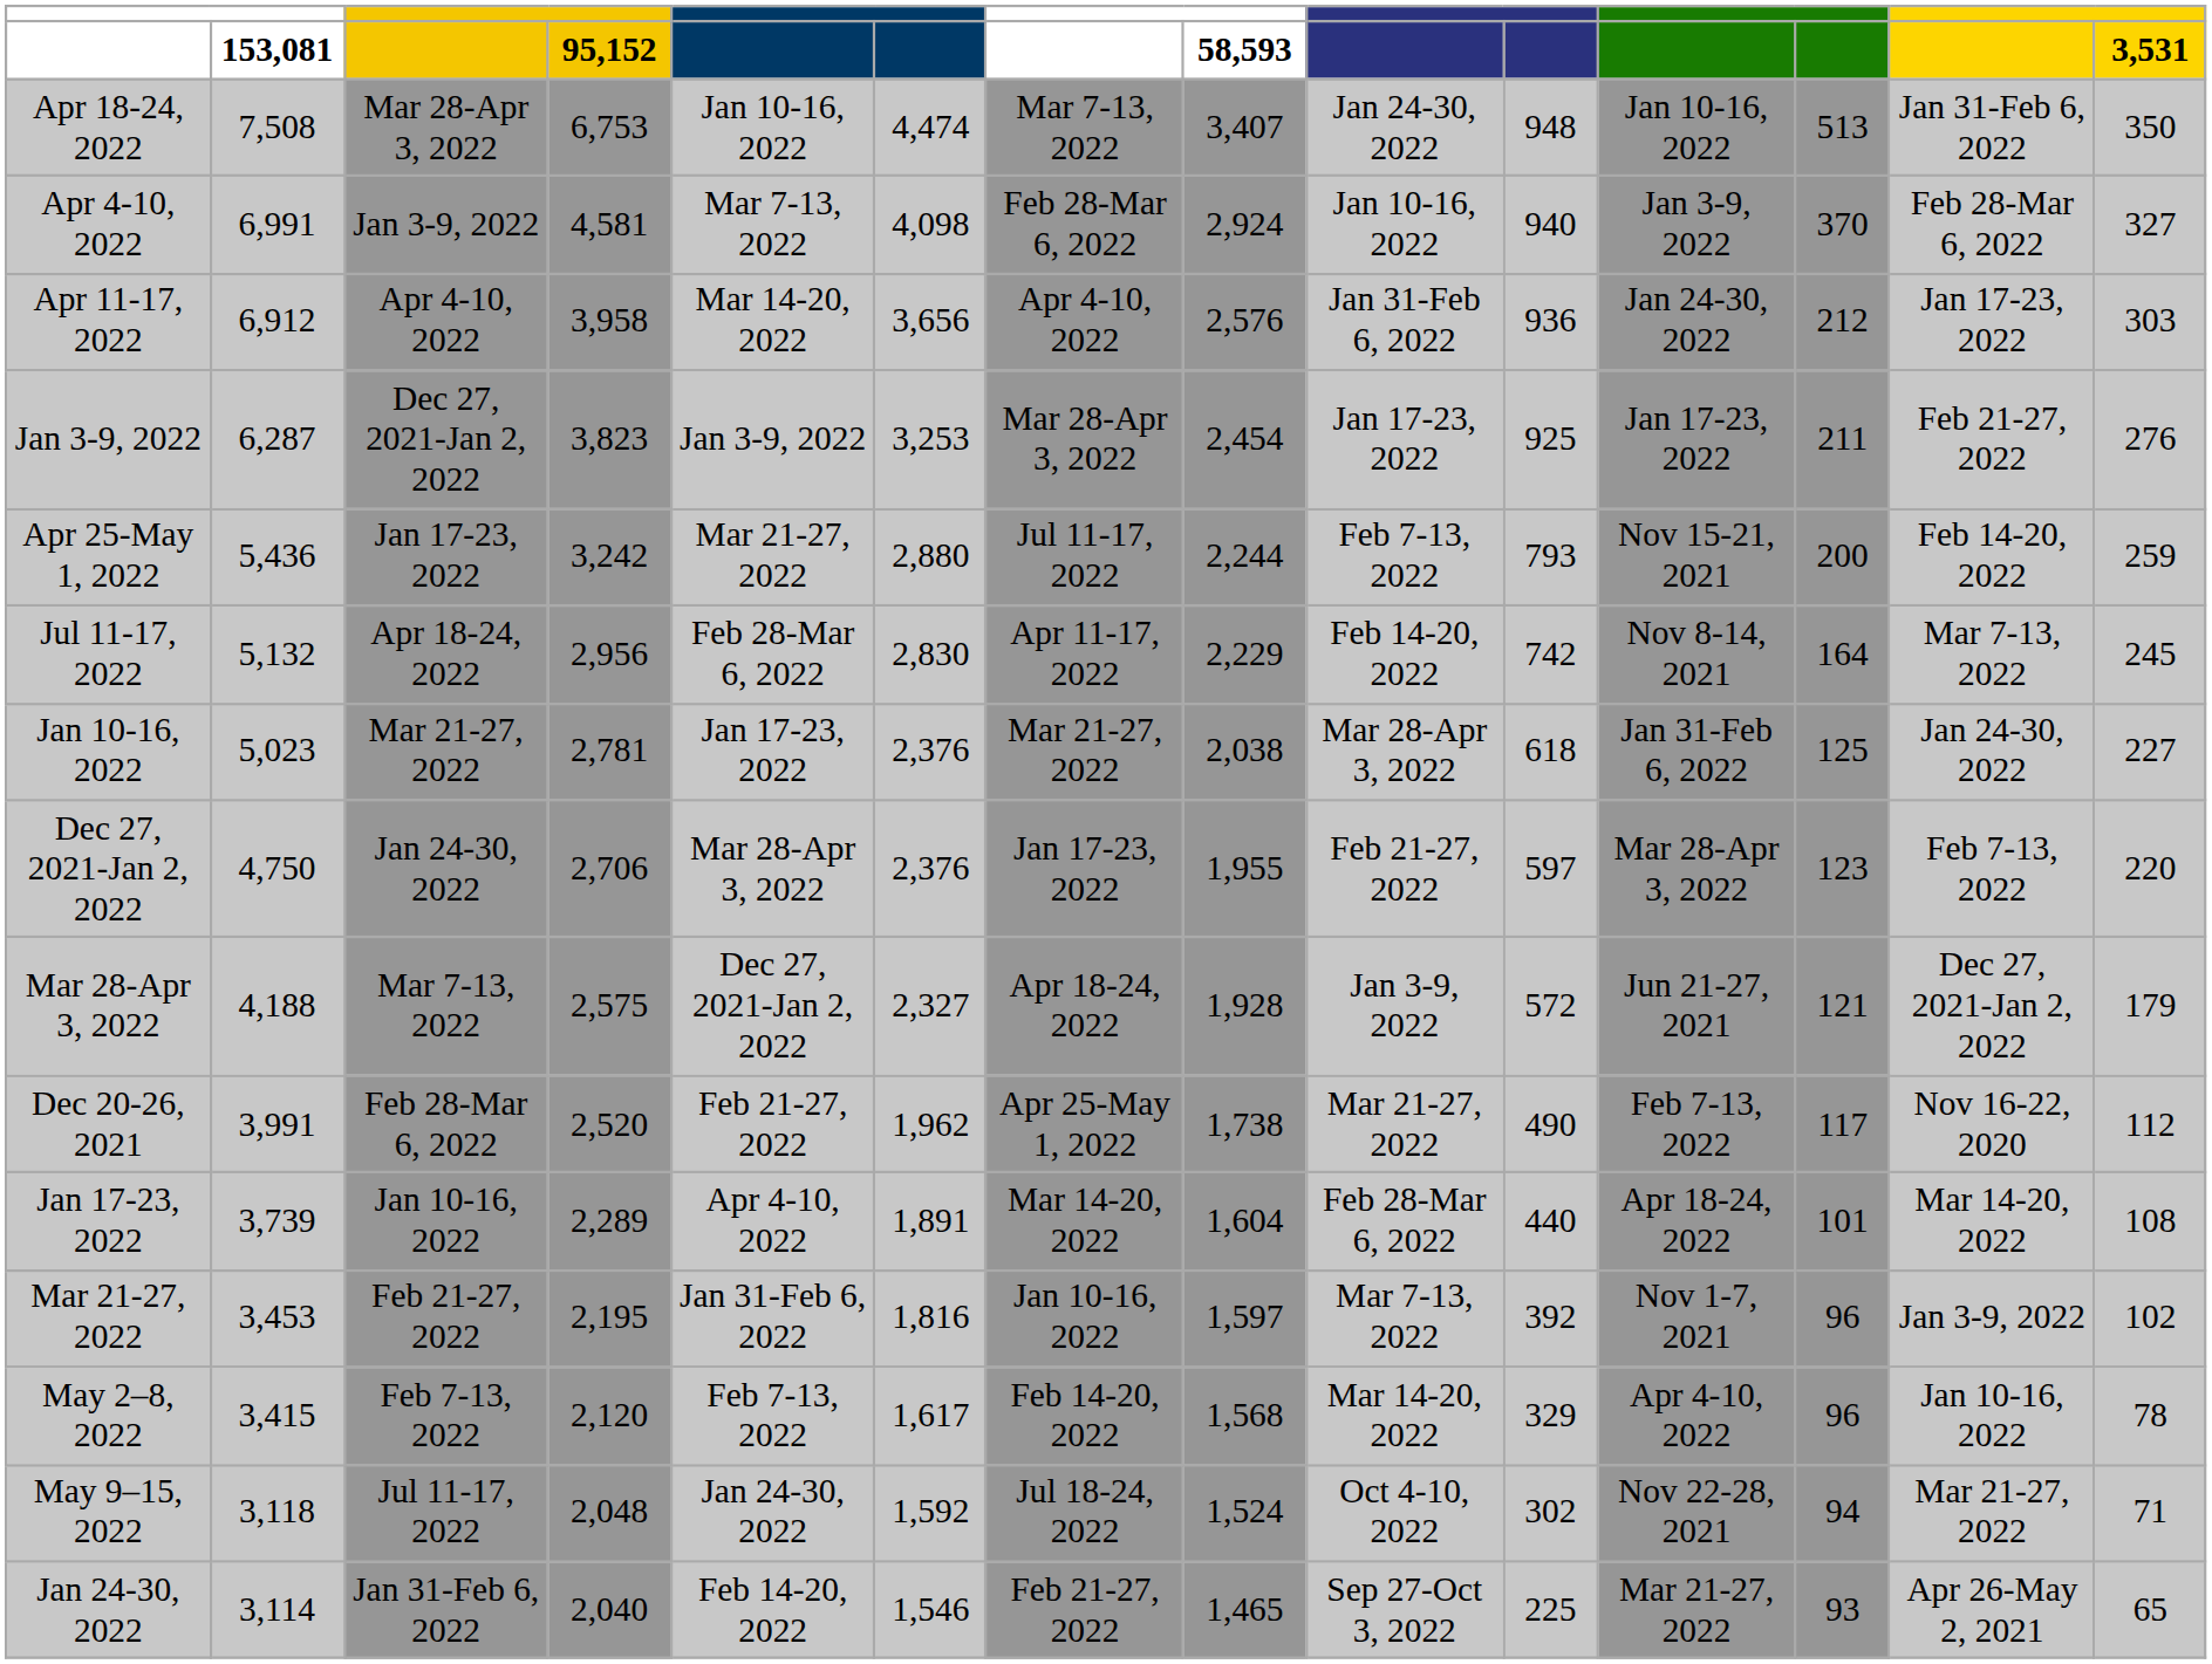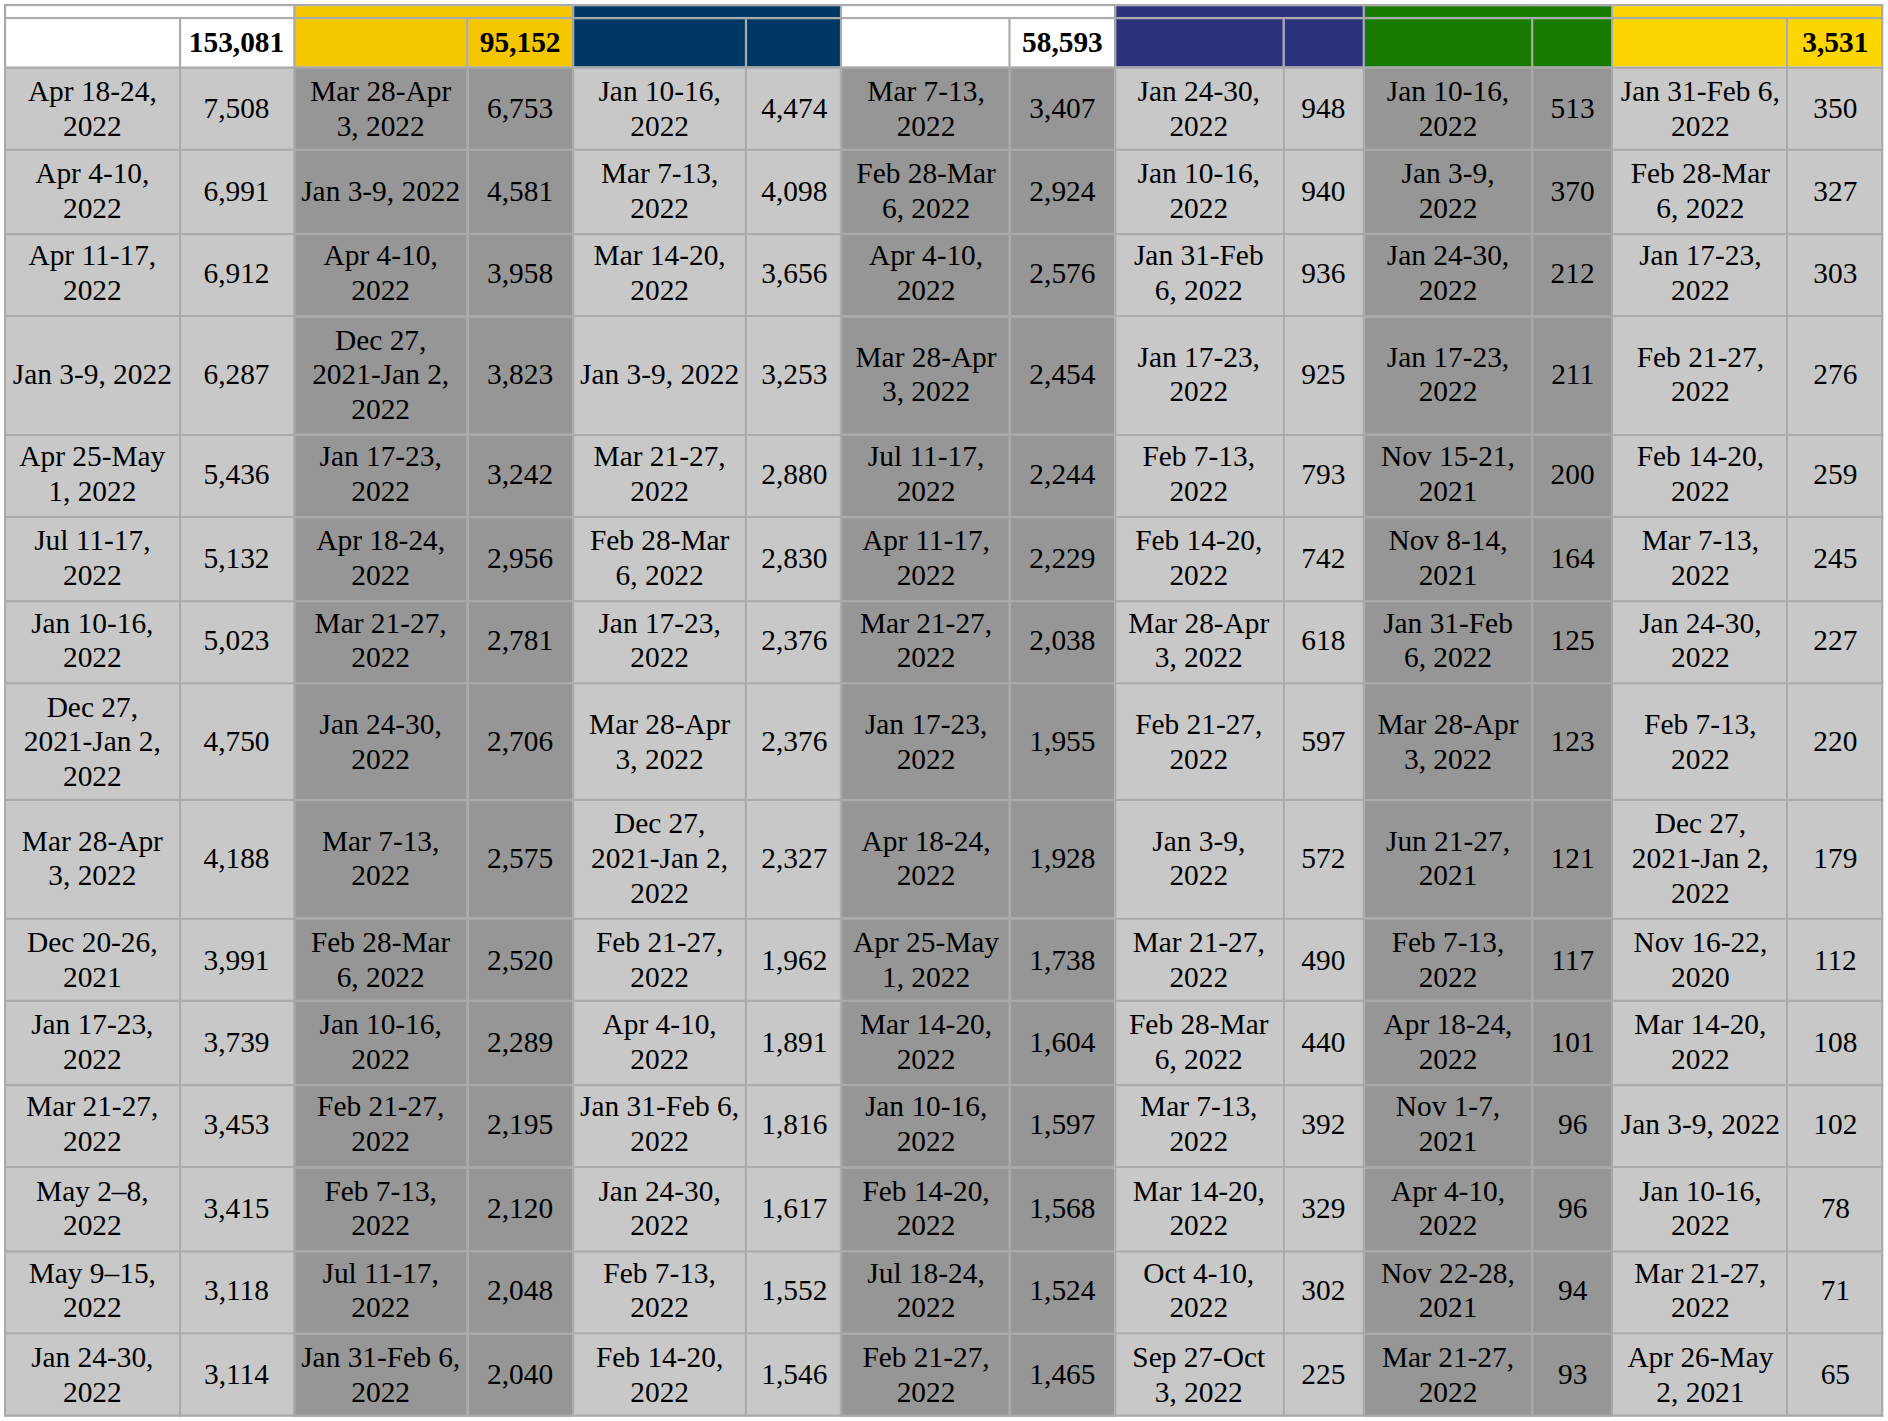 <table class="wikitable" style="text-align:center; text:#FFFFFF; font-size:85%">
 <tr>
 <th colspan=2 style="background:#FFFFFF"></th>
 <th colspan=2 style="background:#F4C600"></th>
 <th colspan="2" style="background:#003865"></th>
 <th colspan=2 style="background:#FFFFFF"></th>
 <th colspan="2" style="background:#2A317D"></th>
 <th colspan="2" style="background:#187B01"></th>
 <th colspan="2" style="background:#FDD500"></th>
 </tr>
 <tr>
 <th style="background:#FFFFFF"></th>
 <th style="background:#FFFFFF">153,081</th>
 <th style="background:#F4C600"></th>
 <th style="background:#F4C600">95,152</th>
 <th style="background:#003865"></th>
 <th style="background:#003865"></th>
 <th style="background:#FFFFFF"></th>
 <th style="background:#FFFFFF">58,593</th>
 <th style="background:#2A317D"></th>
 <th style="background:#2A317D"></th>
 <th style="background:#187B01"></th>
 <th style="background:#187B01"></th>
 <th style="background:#FDD500"></th>
 <th style="background:#FDD500">3,531</th>
 </tr>
 <tr>
 <td style="background:#C8C8C8" width="150">Apr 18-24, 2022</td>
 <td style="background:#C8C8C8" width="50">7,508</td>
 <td style="background:#969696" width="150">Mar 28-Apr 3, 2022</td>
 <td style="background:#969696" width="50">6,753</td>
 <td style="background:#C8C8C8" width="150">Jan 10-16, 2022</td>
 <td style="background:#C8C8C8" width="50">4,474</td>
 <td style="background:#969696" width="150">Mar 7-13, 2022</td>
 <td style="background:#969696" width="50">3,407</td>
 <td style="background:#C8C8C8" width="150">Jan 24-30, 2022</td>
 <td style="background:#C8C8C8" width="50">948</td>
 <td style="background:#969696" width="150">Jan 10-16, 2022</td>
 <td style="background:#969696" width="50">513</td>
 <td style="background:#C8C8C8" width="150">Jan 31-Feb 6, 2022</td>
 <td style="background:#C8C8C8" width="50">350</td>
 </tr>
 <tr>
 <td style="background:#C8C8C8" width="150">Apr 4-10, 2022</td>
 <td style="background:#C8C8C8" width="50">6,991</td>
 <td style="background:#969696" width="150">Jan 3-9, 2022</td>
 <td style="background:#969696" width="50">4,581</td>
 <td style="background:#C8C8C8" width="150">Mar 7-13, 2022</td>
 <td style="background:#C8C8C8" width="50">4,098</td>
 <td style="background:#969696" width="150">Feb 28-Mar 6, 2022</td>
 <td style="background:#969696" width="50">2,924</td>
 <td style="background:#C8C8C8" width="150">Jan 10-16, 2022</td>
 <td style="background:#C8C8C8" width="50">940</td>
 <td style="background:#969696" width="150">Jan 3-9, 2022</td>
 <td style="background:#969696" width="50">370</td>
 <td style="background:#C8C8C8" width="150">Feb 28-Mar 6, 2022</td>
 <td style="background:#C8C8C8" width="50">327</td>
 </tr>
 <tr>
 <td style="background:#C8C8C8" width="150">Apr 11-17, 2022</td>
 <td style="background:#C8C8C8" width="50">6,912</td>
 <td style="background:#969696" width="150">Apr 4-10, 2022</td>
 <td style="background:#969696" width="50">3,958</td>
 <td style="background:#C8C8C8" width="150">Mar 14-20, 2022</td>
 <td style="background:#C8C8C8" width="50">3,656</td>
 <td style="background:#969696" width="150">Apr 4-10, 2022</td>
 <td style="background:#969696" width="50">2,576</td>
 <td style="background:#C8C8C8" width="150">Jan 31-Feb 6, 2022</td>
 <td style="background:#C8C8C8" width="50">936</td>
 <td style="background:#969696" width="150">Jan 24-30, 2022</td>
 <td style="background:#969696" width="50">212</td>
 <td style="background:#C8C8C8" width="150">Jan 17-23, 2022</td>
 <td style="background:#C8C8C8" width="50">303</td>
 </tr>
 <tr>
 <td style="background:#C8C8C8" width="150">Jan 3-9, 2022</td>
 <td style="background:#C8C8C8" width="50">6,287</td>
 <td style="background:#969696" width="150">Dec 27, 2021-Jan 2, 2022</td>
 <td style="background:#969696" width="50">3,823</td>
 <td style="background:#C8C8C8" width="150">Jan 3-9, 2022</td>
 <td style="background:#C8C8C8" width="50">3,253</td>
 <td style="background:#969696" width="150">Mar 28-Apr 3, 2022</td>
 <td style="background:#969696" width="50">2,454</td>
 <td style="background:#C8C8C8" width="150">Jan 17-23, 2022</td>
 <td style="background:#C8C8C8" width="50">925</td>
 <td style="background:#969696" width="150">Jan 17-23, 2022</td>
 <td style="background:#969696" width="50">211</td>
 <td style="background:#C8C8C8" width="150">Feb 21-27, 2022</td>
 <td style="background:#C8C8C8" width="50">276</td>
 </tr>
 <tr>
 <td style="background:#C8C8C8" width="150">Apr 25-May 1, 2022</td>
 <td style="background:#C8C8C8" width="50">5,436</td>
 <td style="background:#969696" width="150">Jan 17-23, 2022</td>
 <td style="background:#969696" width="50">3,242</td>
 <td style="background:#C8C8C8" width="150">Mar 21-27, 2022</td>
 <td style="background:#C8C8C8" width="50">2,880</td>
 <td style="background:#969696" width="150">Jul 11-17, 2022</td>
 <td style="background:#969696" width="50">2,244</td>
 <td style="background:#C8C8C8" width="150">Feb 7-13, 2022</td>
 <td style="background:#C8C8C8" width="50">793</td>
 <td style="background:#969696" width="150">Nov 15-21, 2021</td>
 <td style="background:#969696" width="50">200</td>
 <td style="background:#C8C8C8" width="150">Feb 14-20, 2022</td>
 <td style="background:#C8C8C8" width="50">259</td>
 </tr>
 <tr>
 <td style="background:#C8C8C8" width="75">Jul 11-17, 2022</td>
 <td style="background:#C8C8C8" width="35">5,132</td>
 <td style="background:#969696" width="75">Apr 18-24, 2022</td>
 <td style="background:#969696" width="35">2,956</td>
 <td style="background:#C8C8C8" width="75">Feb 28-Mar 6, 2022</td>
 <td style="background:#C8C8C8" width="35">2,830</td>
 <td style="background:#969696" width="75">Apr 11-17, 2022</td>
 <td style="background:#969696" width="35">2,229</td>
 <td style="background:#C8C8C8" width="75">Feb 14-20, 2022</td>
 <td style="background:#C8C8C8" width="35">742</td>
 <td style="background:#969696" width="75">Nov 8-14, 2021</td>
 <td style="background:#969696" width="35">164</td>
 <td style="background:#C8C8C8" width="75">Mar 7-13, 2022</td>
 <td style="background:#C8C8C8" width="35">245</td>
 </tr>
 <tr>
 <td style="background:#C8C8C8" width="75">Jan 10-16, 2022</td>
 <td style="background:#C8C8C8" width="35">5,023</td>
 <td style="background:#969696" width="75">Mar 21-27, 2022</td>
 <td style="background:#969696" width="35">2,781</td>
 <td style="background:#C8C8C8" width="75">Jan 17-23, 2022</td>
 <td style="background:#C8C8C8" width="35">2,376</td>
 <td style="background:#969696" width="75">Mar 21-27, 2022</td>
 <td style="background:#969696" width="35">2,038</td>
 <td style="background:#C8C8C8" width="75">Mar 28-Apr 3, 2022</td>
 <td style="background:#C8C8C8" width="35">618</td>
 <td style="background:#969696" width="75">Jan 31-Feb 6, 2022</td>
 <td style="background:#969696" width="35">125</td>
 <td style="background:#C8C8C8" width="75">Jan 24-30, 2022</td>
 <td style="background:#C8C8C8" width="35">227</td>
 </tr>
 <tr>
 <td style="background:#C8C8C8" width="75">Dec 27, 2021-Jan 2, 2022</td>
 <td style="background:#C8C8C8" width="35">4,750</td>
 <td style="background:#969696" width="75">Jan 24-30, 2022</td>
 <td style="background:#969696" width="35">2,706</td>
 <td style="background:#C8C8C8" width="75">Mar 28-Apr 3, 2022</td>
 <td style="background:#C8C8C8" width="35">2,376</td>
 <td style="background:#969696" width="75">Jan 17-23, 2022</td>
 <td style="background:#969696" width="35">1,955</td>
 <td style="background:#C8C8C8" width="75">Feb 21-27, 2022</td>
 <td style="background:#C8C8C8" width="35">597</td>
 <td style="background:#969696" width="75">Mar 28-Apr 3, 2022</td>
 <td style="background:#969696" width="35">123</td>
 <td style="background:#C8C8C8" width="75">Feb 7-13, 2022</td>
 <td style="background:#C8C8C8" width="35">220</td>
 </tr>
 <tr>
 <td style="background:#C8C8C8" width="75">Mar 28-Apr 3, 2022</td>
 <td style="background:#C8C8C8" width="35">4,188</td>
 <td style="background:#969696" width="75">Mar 7-13, 2022</td>
 <td style="background:#969696" width="35">2,575</td>
 <td style="background:#C8C8C8" width="75">Dec 27, 2021-Jan 2, 2022</td>
 <td style="background:#C8C8C8" width="35">2,327</td>
 <td style="background:#969696" width="75">Apr 18-24, 2022</td>
 <td style="background:#969696" width="35">1,928</td>
 <td style="background:#C8C8C8" width="75">Jan 3-9, 2022</td>
 <td style="background:#C8C8C8" width="35">572</td>
 <td style="background:#969696" width="75">Jun 21-27, 2021</td>
 <td style="background:#969696" width="35">121</td>
 <td style="background:#C8C8C8" width="75">Dec 27, 2021-Jan 2, 2022</td>
 <td style="background:#C8C8C8" width="35">179</td>
 </tr>
 <tr>
 <td style="background:#C8C8C8" width="75">Dec 20-26, 2021</td>
 <td style="background:#C8C8C8" width="35">3,991</td>
 <td style="background:#969696" width="75">Feb 28-Mar 6, 2022</td>
 <td style="background:#969696" width="35">2,520</td>
 <td style="background:#C8C8C8" width="75">Feb 21-27, 2022</td>
 <td style="background:#C8C8C8" width="35">1,962</td>
 <td style="background:#969696" width="75">Apr 25-May 1, 2022</td>
 <td style="background:#969696" width="35">1,738</td>
 <td style="background:#C8C8C8" width="75">Mar 21-27, 2022</td>
 <td style="background:#C8C8C8" width="35">490</td>
 <td style="background:#969696" width="75">Feb 7-13, 2022</td>
 <td style="background:#969696" width="35">117</td>
 <td style="background:#C8C8C8" width="75">Nov 16-22, 2020</td>
 <td style="background:#C8C8C8" width="35">112</td>
 </tr>
 <tr>
 <td style="background:#C8C8C8" width="75">Jan 17-23, 2022</td>
 <td style="background:#C8C8C8" width="35">3,739</td>
 <td style="background:#969696" width="75">Jan 10-16, 2022</td>
 <td style="background:#969696" width="35">2,289</td>
 <td style="background:#C8C8C8" width="75">Apr 4-10, 2022</td>
 <td style="background:#C8C8C8" width="35">1,891</td>
 <td style="background:#969696" width="75">Mar 14-20, 2022</td>
 <td style="background:#969696" width="35">1,604</td>
 <td style="background:#C8C8C8" width="75">Feb 28-Mar 6, 2022</td>
 <td style="background:#C8C8C8" width="35">440</td>
 <td style="background:#969696" width="75">Apr 18-24, 2022</td>
 <td style="background:#969696" width="35">101</td>
 <td style="background:#C8C8C8" width="75">Mar 14-20, 2022</td>
 <td style="background:#C8C8C8" width="35">108</td>
 </tr>
 <tr>
 <td style="background:#C8C8C8" width="75">Mar 21-27, 2022</td>
 <td style="background:#C8C8C8" width="35">3,453</td>
 <td style="background:#969696" width="75">Feb 21-27, 2022</td>
 <td style="background:#969696" width="35">2,195</td>
 <td style="background:#C8C8C8" width="75">Jan 31-Feb 6, 2022</td>
 <td style="background:#C8C8C8" width="35">1,816</td>
 <td style="background:#969696" width="75">Jan 10-16, 2022</td>
 <td style="background:#969696" width="35">1,597</td>
 <td style="background:#C8C8C8" width="75">Mar 7-13, 2022</td>
 <td style="background:#C8C8C8" width="35">392</td>
 <td style="background:#969696" width="75">Nov 1-7, 2021</td>
 <td style="background:#969696" width="35">96</td>
 <td style="background:#C8C8C8" width="75">Jan 3-9, 2022</td>
 <td style="background:#C8C8C8" width="35">102</td>
 </tr>
 <tr>
 <td style="background:#C8C8C8" width="75">May 2–8, 2022</td>
 <td style="background:#C8C8C8" width="35">3,415</td>
 <td style="background:#969696" width="75">Feb 7-13, 2022</td>
 <td style="background:#969696" width="35">2,120</td>
-<td style="background:#C8C8C8" width="75">Feb 7-13, 2022</td>
+<td style="background:#C8C8C8" width="75">Jan 24-30, 2022</td>
 <td style="background:#C8C8C8" width="35">1,617</td>
 <td style="background:#969696" width="75">Feb 14-20, 2022</td>
 <td style="background:#969696" width="35">1,568</td>
 <td style="background:#C8C8C8" width="75">Mar 14-20, 2022</td>
 <td style="background:#C8C8C8" width="35">329</td>
 <td style="background:#969696" width="75">Apr 4-10, 2022</td>
 <td style="background:#969696" width="35">96</td>
 <td style="background:#C8C8C8" width="75">Jan 10-16, 2022</td>
 <td style="background:#C8C8C8" width="35">78</td>
 </tr>
 <tr>
 <td style="background:#C8C8C8" width="75">May 9–15, 2022</td>
 <td style="background:#C8C8C8" width="35">3,118</td>
 <td style="background:#969696" width="75">Jul 11-17, 2022</td>
 <td style="background:#969696" width="35">2,048</td>
-<td style="background:#C8C8C8" width="75">Jan 24-30, 2022</td>
-<td style="background:#C8C8C8" width="35">1,592</td>
+<td style="background:#C8C8C8" width="75">Feb 7-13, 2022</td>
+<td style="background:#C8C8C8" width="35">1,552</td>
 <td style="background:#969696" width="75">Jul 18-24, 2022</td>
 <td style="background:#969696" width="35">1,524</td>
 <td style="background:#C8C8C8" width="75">Oct 4-10, 2022</td>
 <td style="background:#C8C8C8" width="35">302</td>
 <td style="background:#969696" width="75">Nov 22-28, 2021</td>
 <td style="background:#969696" width="35">94</td>
 <td style="background:#C8C8C8" width="75">Mar 21-27, 2022</td>
 <td style="background:#C8C8C8" width="35">71</td>
 </tr>
 <tr>
 <td style="background:#C8C8C8" width="75">Jan 24-30, 2022</td>
 <td style="background:#C8C8C8" width="35">3,114</td>
 <td style="background:#969696" width="75">Jan 31-Feb 6, 2022</td>
 <td style="background:#969696" width="35">2,040</td>
 <td style="background:#C8C8C8" width="75">Feb 14-20, 2022</td>
 <td style="background:#C8C8C8" width="35">1,546</td>
 <td style="background:#969696" width="75">Feb 21-27, 2022</td>
 <td style="background:#969696" width="35">1,465</td>
 <td style="background:#C8C8C8" width="75">Sep 27-Oct 3, 2022</td>
 <td style="background:#C8C8C8" width="35">225</td>
 <td style="background:#969696" width="75">Mar 21-27, 2022</td>
 <td style="background:#969696" width="35">93</td>
 <td style="background:#C8C8C8" width="75">Apr 26-May 2, 2021</td>
 <td style="background:#C8C8C8" width="35">65</td>
 </tr>
 </table>
